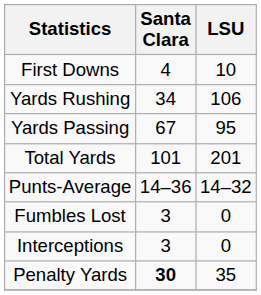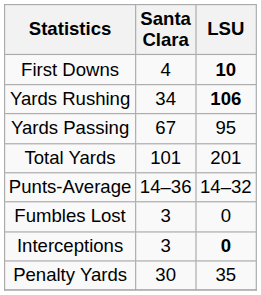 <table class=wikitable style="text-align:center">
 <tr>
 <th>Statistics</th>
 <th>Santa<br>Clara</th>
 <th>LSU</th>
 </tr>
 <tr>
 <td>First Downs</td>
 <td>4</td>
-<td>10</td>
+<td><strong>10</strong></td>
 </tr>
 <tr>
 <td>Yards Rushing</td>
 <td>34</td>
-<td>106</td>
+<td><strong>106</strong></td>
 </tr>
 <tr>
 <td>Yards Passing</td>
 <td>67</td>
 <td>95</td>
 </tr>
 <tr>
 <td>Total Yards</td>
 <td>101</td>
 <td>201</td>
 </tr>
 <tr>
 <td>Punts-Average</td>
 <td>14–36</td>
 <td>14–32</td>
 </tr>
 <tr>
 <td>Fumbles Lost</td>
 <td>3</td>
 <td>0</td>
 </tr>
 <tr>
 <td>Interceptions</td>
 <td>3</td>
-<td>0</td>
+<td><strong>0</strong></td>
 </tr>
 <tr>
 <td>Penalty Yards</td>
-<td><strong>30</strong></td>
+<td>30</td>
 <td>35</td>
 </tr>
 <tr>
 </tr>
 </table>
